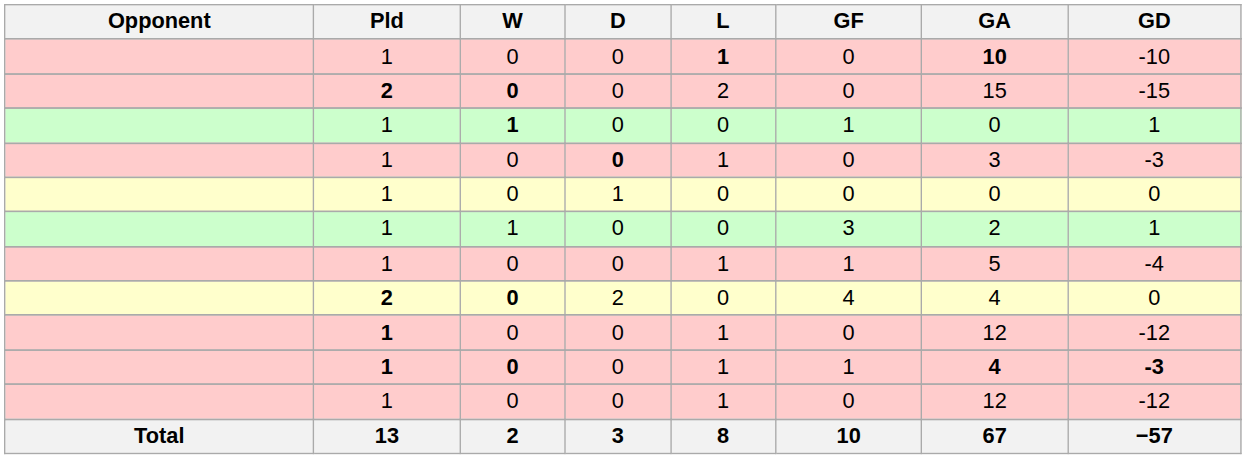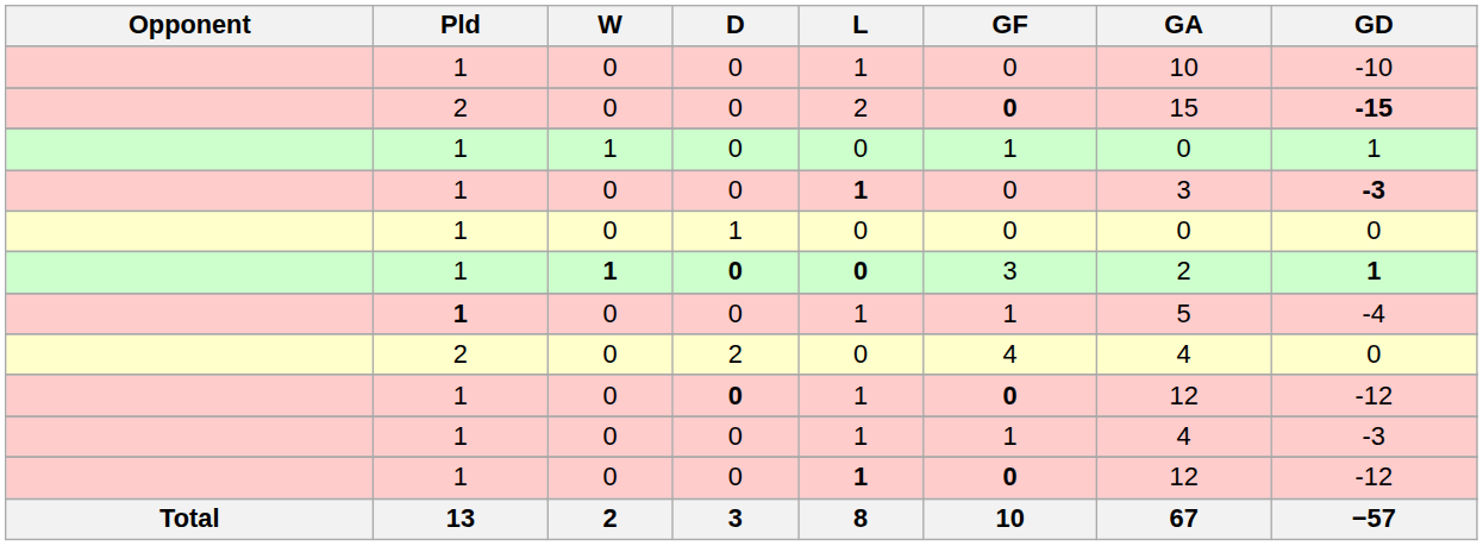 <table class="wikitable" style="text-align: center">
 <tr>
 <th width=220>Opponent<br></th>
 <th width=100>Pld<br></th>
 <th width=70>W<br></th>
 <th width=70>D<br></th>
 <th width=70>L<br></th>
 <th width=100>GF<br></th>
 <th width=100>GA<br></th>
 <th width=120>GD</th>
 </tr>
 <tr>
 </tr>
 <tr bgcolor="#FFCCCC">
 <td style="text-align:left;"></td>
 <td>1</td>
 <td>0</td>
 <td>0</td>
-<td><strong>1</strong></td>
+<td>1</td>
 <td>0</td>
-<td><strong>10</strong></td>
+<td>10</td>
 <td>-10</td>
 </tr>
 <tr>
 </tr>
 <tr bgcolor="#FFCCCC">
 <td style="text-align:left;"></td>
-<td><strong>2</strong></td>
-<td><strong>0</strong></td>
+<td>2</td>
+<td>0</td>
 <td>0</td>
 <td>2</td>
-<td>0</td>
+<td><strong>0</strong></td>
 <td>15</td>
-<td>-15</td>
+<td><strong>-15</strong></td>
 </tr>
 <tr>
 </tr>
 <tr bgcolor="#CCFFCC">
 <td style="text-align:left;"></td>
 <td>1</td>
-<td><strong>1</strong></td>
+<td>1</td>
 <td>0</td>
 <td>0</td>
 <td>1</td>
 <td>0</td>
 <td>1</td>
 </tr>
 <tr>
 </tr>
 <tr bgcolor="#FFCCCC">
 <td style="text-align:left;"></td>
 <td>1</td>
 <td>0</td>
-<td><strong>0</strong></td>
-<td>1</td>
+<td>0</td>
+<td><strong>1</strong></td>
 <td>0</td>
 <td>3</td>
-<td>-3</td>
+<td><strong>-3</strong></td>
 </tr>
 <tr>
 </tr>
 <tr bgcolor="#FFFFCC">
 <td style="text-align:left;"></td>
 <td>1</td>
 <td>0</td>
 <td>1</td>
 <td>0</td>
 <td>0</td>
 <td>0</td>
 <td>0</td>
 </tr>
 <tr>
 </tr>
 <tr bgcolor="#CCFFCC">
 <td style="text-align:left;"></td>
 <td>1</td>
-<td>1</td>
-<td>0</td>
-<td>0</td>
+<td><strong>1</strong></td>
+<td><strong>0</strong></td>
+<td><strong>0</strong></td>
 <td>3</td>
 <td>2</td>
-<td>1</td>
+<td><strong>1</strong></td>
 </tr>
 <tr>
 </tr>
 <tr bgcolor="#FFCCCC">
 <td style="text-align:left;"></td>
-<td>1</td>
+<td><strong>1</strong></td>
 <td>0</td>
 <td>0</td>
 <td>1</td>
 <td>1</td>
 <td>5</td>
 <td>-4</td>
 </tr>
 <tr>
 </tr>
 <tr bgcolor="#FFFFCC">
 <td style="text-align:left;"></td>
-<td><strong>2</strong></td>
-<td><strong>0</strong></td>
+<td>2</td>
+<td>0</td>
 <td>2</td>
 <td>0</td>
 <td>4</td>
 <td>4</td>
 <td>0</td>
 </tr>
 <tr>
 </tr>
 <tr bgcolor="#FFCCCC">
 <td style="text-align:left;"></td>
-<td><strong>1</strong></td>
-<td>0</td>
-<td>0</td>
 <td>1</td>
 <td>0</td>
+<td><strong>0</strong></td>
+<td>1</td>
+<td><strong>0</strong></td>
 <td>12</td>
 <td>-12</td>
-</tr>
-<tr>
-</tr>
-<tr bgcolor="#FFCCCC">
-<td style="text-align:left;"></td>
-<td><strong>1</strong></td>
-<td><strong>0</strong></td>
-<td>0</td>
-<td>1</td>
-<td>1</td>
-<td><strong>4</strong></td>
-<td><strong>-3</strong></td>
 </tr>
 <tr>
 </tr>
 <tr bgcolor="#FFCCCC">
 <td style="text-align:left;"></td>
 <td>1</td>
 <td>0</td>
 <td>0</td>
 <td>1</td>
+<td>1</td>
+<td>4</td>
+<td>-3</td>
+</tr>
+<tr>
+</tr>
+<tr bgcolor="#FFCCCC">
+<td style="text-align:left;"></td>
+<td>1</td>
 <td>0</td>
+<td>0</td>
+<td><strong>1</strong></td>
+<td><strong>0</strong></td>
 <td>12</td>
 <td>-12</td>
 </tr>
 <tr>
 </tr>
 <tr class="sortbottom">
 <th>Total</th>
 <th>13</th>
 <th>2</th>
 <th>3</th>
 <th>8</th>
 <th>10</th>
 <th>67</th>
 <th>−57</th>
 </tr>
 </table>
